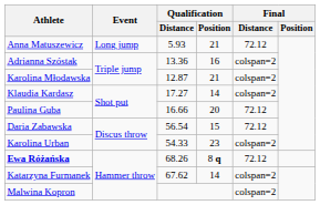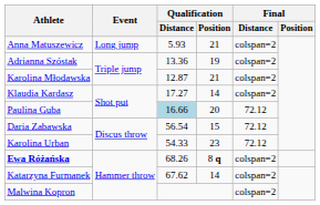 <table class="wikitable" style="font-size:90%">
 <tr>
 <th rowspan="2">Athlete</th>
 <th rowspan="2">Event</th>
 <th colspan="2">Qualification</th>
 <th colspan="2">Final</th>
 </tr>
 <tr style="font-size:95%">
 <th>Distance</th>
 <th>Position</th>
 <th>Distance</th>
 <th>Position</th>
 </tr>
 <tr align="center">
 <td align="left"><a href='#'>Anna Matuszewicz</a></td>
 <td align="left"><a href='#'>Long jump</a></td>
 <td>5.93</td>
 <td>21</td>
-<td>72.12 </td>
+<td>colspan=2 </td>
 </tr>
 <tr align="center">
 <td align="left"><a href='#'>Adrianna Szóstak</a></td>
 <td align="left" rowspan=2><a href='#'>Triple jump</a></td>
 <td>13.36</td>
-<td>16</td>
+<td>19</td>
 <td>colspan=2 </td>
 </tr>
 <tr align="center">
 <td align="left"><a href='#'>Karolina Młodawska</a></td>
 <td>12.87</td>
 <td>21</td>
 <td>colspan=2 </td>
 </tr>
 <tr align="center">
 <td align="left"><a href='#'>Klaudia Kardasz</a></td>
 <td align="left" rowspan=2><a href='#'>Shot put</a></td>
 <td>17.27</td>
 <td>14</td>
 <td>colspan=2 </td>
 </tr>
 <tr align="center">
 <td align="left"><a href='#'>Paulina Guba</a></td>
-<td>16.66</td>
+<td style="background: lightblue;">16.66</td>
 <td>20</td>
 <td>72.12 </td>
 </tr>
 <tr align="center">
 <td align="left"><a href='#'>Daria Zabawska</a></td>
 <td align="left" rowspan=2><a href='#'>Discus throw</a></td>
 <td>56.54</td>
 <td>15</td>
 <td>72.12 </td>
 </tr>
 <tr align="center">
 <td align="left"><a href='#'>Karolina Urban</a></td>
 <td>54.33</td>
 <td>23</td>
-<td>colspan=2 </td>
+<td>72.12 </td>
 </tr>
 <tr align="center">
 <td align="left"><strong><a href='#'>Ewa Różańska</a></strong></td>
 <td align="left" rowspan=3><a href='#'>Hammer throw</a></td>
 <td>68.26</td>
 <td>8 <strong>q</strong></td>
-<td>72.12 </td>
+<td>colspan=2 </td>
 <td></td>
 </tr>
 <tr align="center">
 <td align="left"><a href='#'>Katarzyna Furmanek</a></td>
 <td>67.62</td>
 <td>14</td>
 <td>colspan=2 </td>
 </tr>
 <tr align="center">
 <td align="left"><a href='#'>Malwina Kopron</a></td>
 <td colspan=2></td>
 <td>colspan=2 </td>
 </tr>
 </table>
